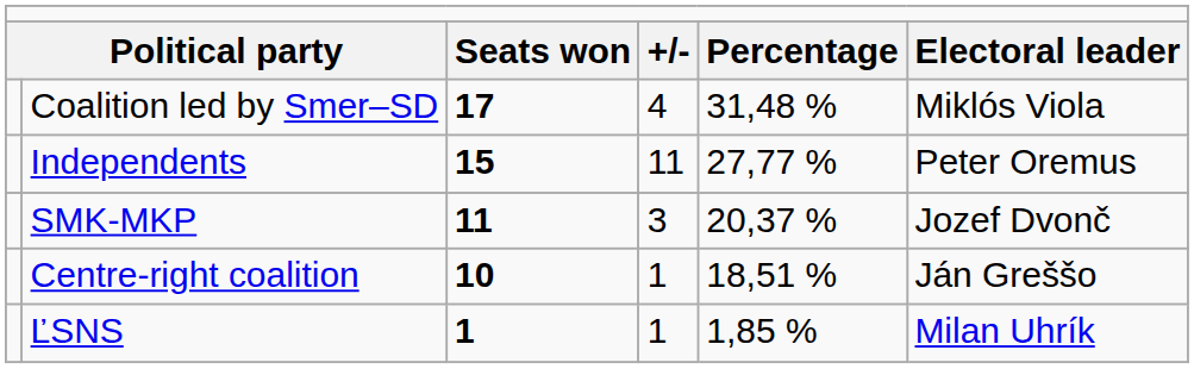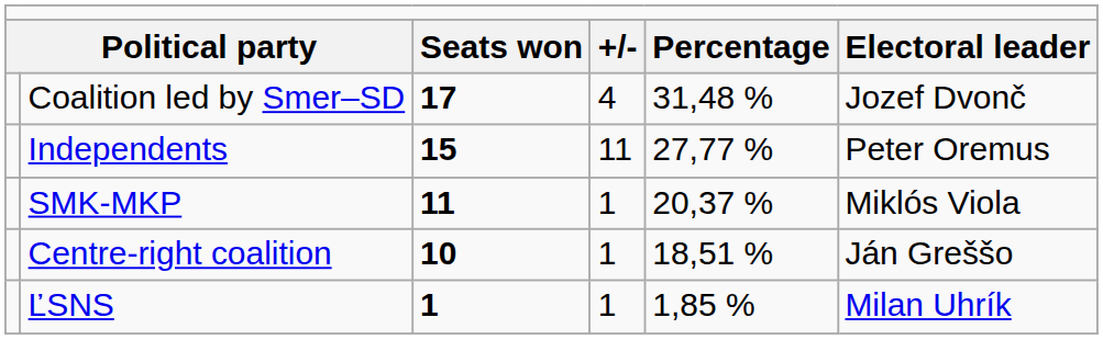 <table class="wikitable" style="text-align: left;">
 <tr>
 <td colspan="6"></td>
 </tr>
 <tr>
 <th colspan="2">Political party</th>
 <th>Seats won</th>
 <th>+/-</th>
 <th>Percentage</th>
 <th>Electoral leader </th>
 </tr>
 <tr>
 <td style="background:"></td>
 <td>Coalition led by <a href='#'>Smer–SD</a></td>
 <td><strong>17</strong></td>
 <td> 4</td>
 <td>31,48 %</td>
-<td>Miklós Viola</td>
+<td>Jozef Dvonč</td>
 </tr>
 <tr>
 <td style="background:"></td>
 <td><a href='#'>Independents</a></td>
 <td><strong>15</strong></td>
 <td> 11</td>
 <td>27,77 %</td>
 <td>Peter Oremus</td>
 </tr>
 <tr>
 <td style="background:"></td>
 <td><a href='#'>SMK-MKP</a></td>
 <td><strong>11</strong></td>
-<td> 3</td>
+<td> 1</td>
 <td>20,37 %</td>
-<td>Jozef Dvonč</td>
+<td>Miklós Viola</td>
 </tr>
 <tr>
 <td style="background:"></td>
 <td><a href='#'>Centre-right coalition</a></td>
 <td><strong>10</strong></td>
 <td> 1</td>
 <td>18,51 %</td>
 <td>Ján Greššo</td>
 </tr>
 <tr>
 <td style="background:"></td>
 <td><a href='#'>ĽSNS</a></td>
 <td><strong>1</strong></td>
 <td> 1</td>
 <td>1,85 %</td>
 <td><a href='#'>Milan Uhrík</a></td>
 </tr>
 </table>
